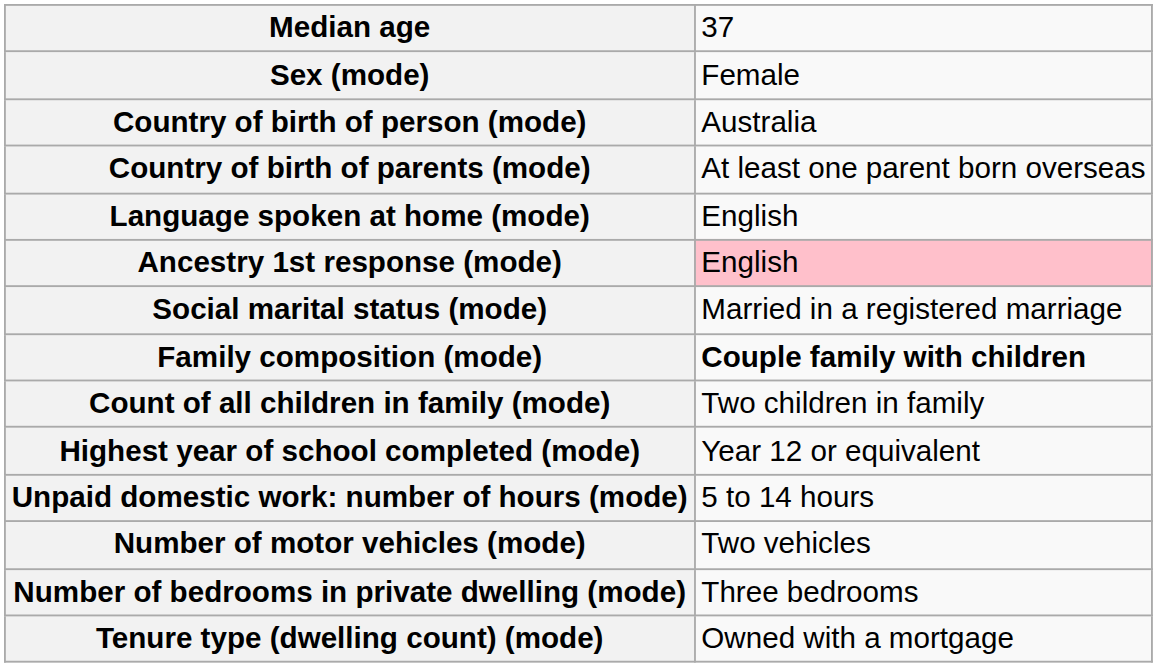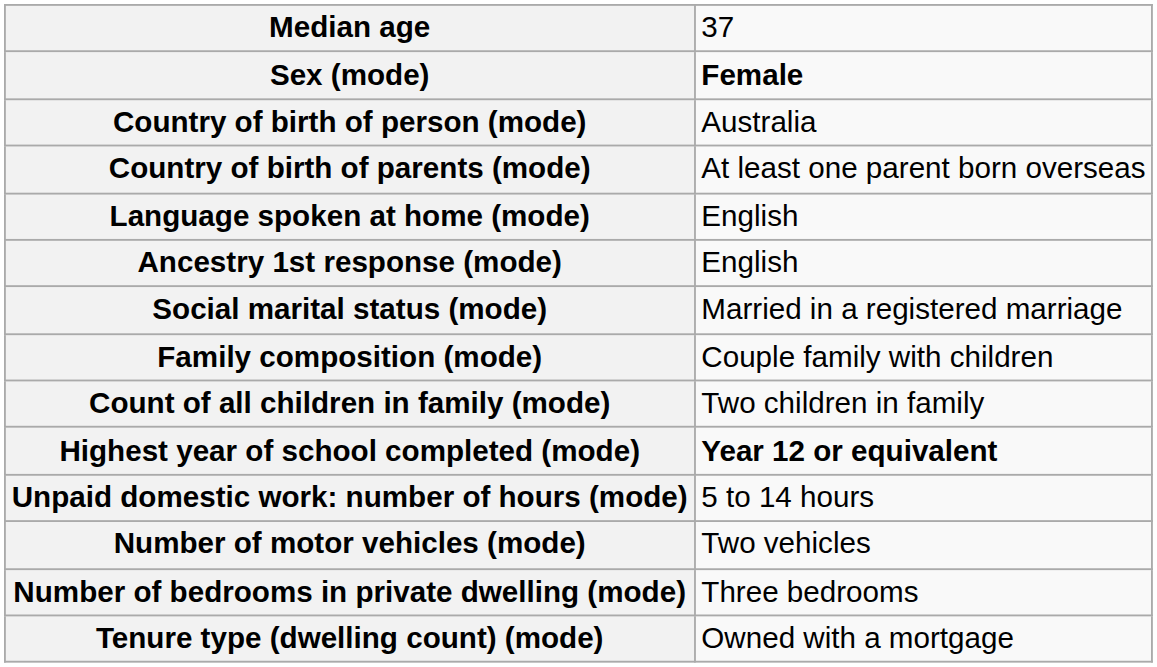 <table class="wikitable">
 <tr>
 <th>Median age</th>
 <td>37</td>
 </tr>
 <tr>
 <th>Sex (mode)</th>
-<td>Female</td>
+<td><strong>Female</strong></td>
 </tr>
 <tr>
 <th>Country of birth of person (mode)</th>
 <td>Australia</td>
 </tr>
 <tr>
 <th>Country of birth of parents (mode)</th>
 <td>At least one parent born overseas</td>
 </tr>
 <tr>
 <th>Language spoken at home (mode)</th>
 <td>English</td>
 </tr>
 <tr>
 <th>Ancestry 1st response (mode)</th>
-<td style="background: pink;">English</td>
+<td>English</td>
 </tr>
 <tr>
 <th>Social marital status (mode)</th>
 <td>Married in a registered marriage</td>
 </tr>
 <tr>
 <th>Family composition (mode)</th>
-<td><strong>Couple family with children</strong></td>
+<td>Couple family with children</td>
 </tr>
 <tr>
 <th>Count of all children in family (mode)</th>
 <td>Two children in family</td>
 </tr>
 <tr>
 <th>Highest year of school completed (mode)</th>
-<td>Year 12 or equivalent</td>
+<td><strong>Year 12 or equivalent</strong></td>
 </tr>
 <tr>
 <th>Unpaid domestic work: number of hours (mode)</th>
 <td>5 to 14 hours</td>
 </tr>
 <tr>
 <th>Number of motor vehicles (mode)</th>
 <td>Two vehicles</td>
 </tr>
 <tr>
 <th>Number of bedrooms in private dwelling (mode)</th>
 <td>Three bedrooms</td>
 </tr>
 <tr>
 <th>Tenure type (dwelling count) (mode)</th>
 <td>Owned with a mortgage</td>
 </tr>
 </table>
